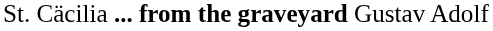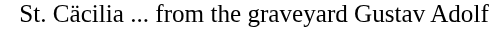 <table style="float:right; background:transparent; padding:0px;">
 <tr>
 <td></td>
 <td></td>
 <td></td>
 </tr>
 <tr>
 <td>St. Cäcilia</td>
-<td><strong>... from the graveyard</strong></td>
+<td>... from the graveyard</td>
 <td>Gustav Adolf</td>
 </tr>
 </table>
